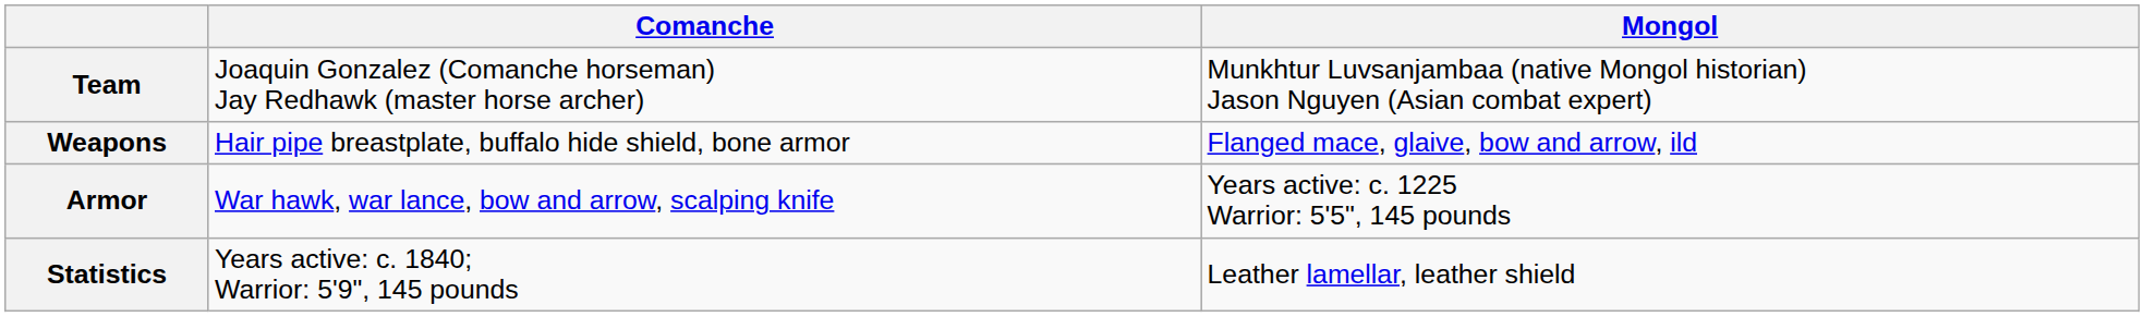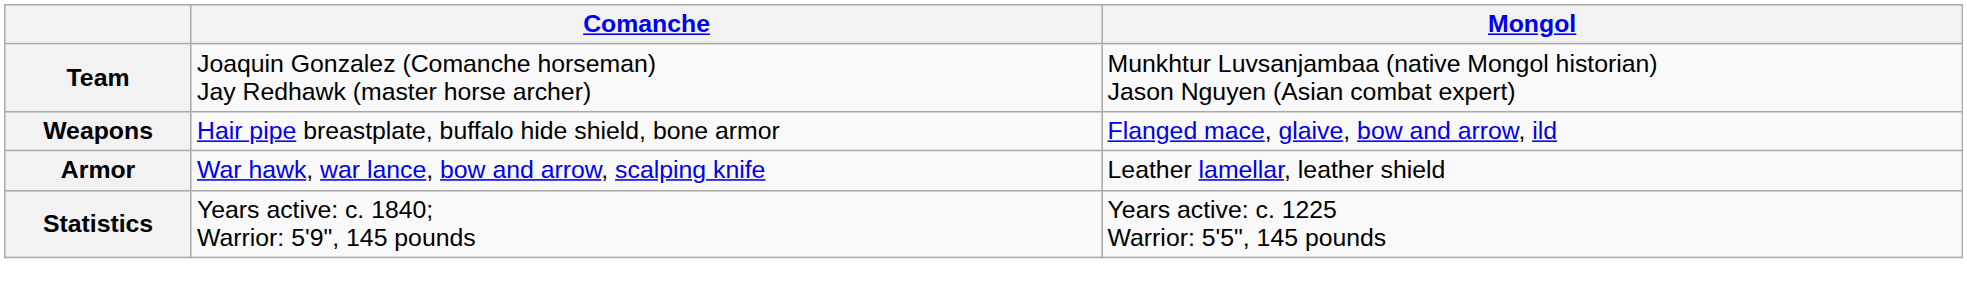 <table class="wikitable unsortable" ; style="width: 100%">
 <tr>
 <th></th>
 <th><strong><a href='#'>Comanche</a></strong></th>
 <th><strong><a href='#'>Mongol</a></strong></th>
 </tr>
 <tr>
 <th>Team</th>
 <td>Joaquin Gonzalez (Comanche horseman)<br>Jay Redhawk (master horse archer)</td>
 <td>Munkhtur Luvsanjambaa (native Mongol historian)<br>Jason Nguyen (Asian combat expert)</td>
 </tr>
 <tr>
 <th>Weapons</th>
 <td><a href='#'>Hair pipe</a> breastplate, buffalo hide shield, bone armor</td>
 <td><a href='#'>Flanged mace</a>, <a href='#'>glaive</a>, <a href='#'>bow and arrow</a>, <a href='#'>ild</a></td>
 </tr>
 <tr>
 <th>Armor</th>
 <td><a href='#'>War hawk</a>, <a href='#'>war lance</a>, <a href='#'>bow and arrow</a>, <a href='#'>scalping knife</a></td>
-<td>Years active: c. 1225<br>Warrior: 5'5", 145 pounds</td>
+<td>Leather <a href='#'>lamellar</a>, leather shield</td>
 </tr>
 <tr>
 <th>Statistics</th>
 <td>Years active: c. 1840;<br>Warrior: 5'9", 145 pounds</td>
-<td>Leather <a href='#'>lamellar</a>, leather shield</td>
+<td>Years active: c. 1225<br>Warrior: 5'5", 145 pounds</td>
 </tr>
 </table>
